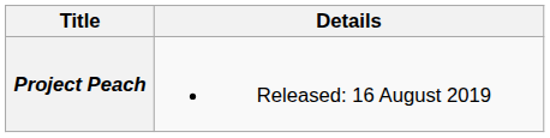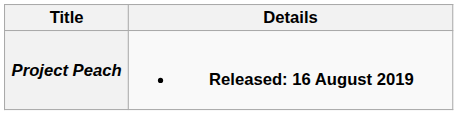 <table class="wikitable plainrowheaders" style="text-align:center;">
 <tr>
 <th scope="col" style="width:7em;">Title</th>
 <th scope="col" style="width:19em;">Details</th>
 </tr>
 <tr>
 <th scope="row"><em>Project Peach</em></th>
-<td><br><ul><li>Released: 16 August 2019</li></ul></td>
+<td><strong><br><ul><li>Released: 16 August 2019</li></ul></strong></td>
 </tr>
 </table>
